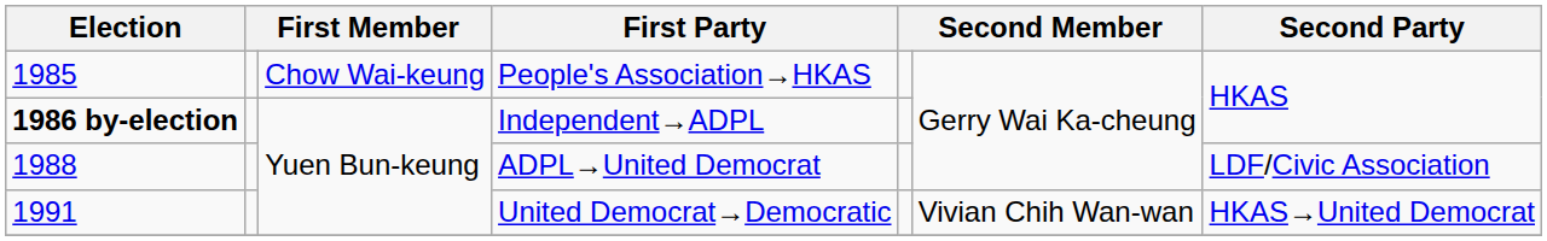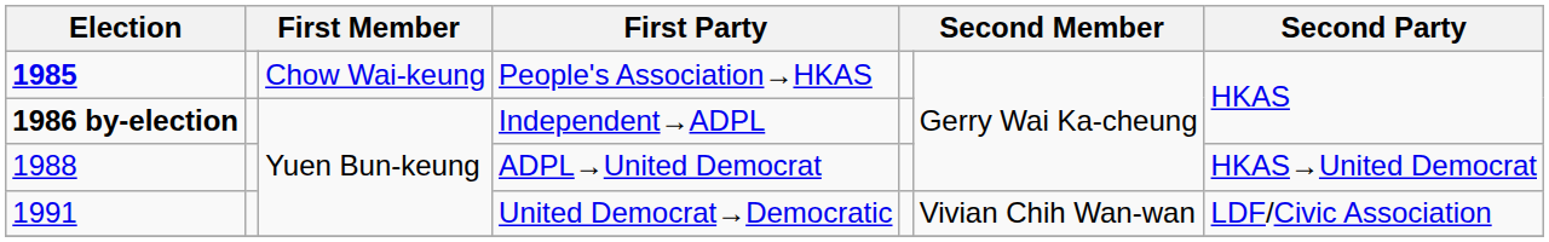 <table class="wikitable">
 <tr>
 <th>Election</th>
 <th colspan="2">First Member</th>
 <th>First Party</th>
 <th colspan="2">Second Member</th>
 <th>Second Party</th>
 </tr>
 <tr>
-<td><a href='#'>1985</a></td>
+<td><strong><a href='#'>1985</a></strong></td>
 <td style="color:inherit;background-color:"></td>
 <td><a href='#'>Chow Wai-keung</a></td>
 <td><a href='#'>People's Association</a>→<a href='#'>HKAS</a></td>
 <td style="color:inherit;background-color:"></td>
 <td rowspan=3>Gerry Wai Ka-cheung</td>
 <td rowspan=2><a href='#'>HKAS</a></td>
 </tr>
 <tr>
 <td><strong>1986 by-election</strong></td>
 <td style="color:inherit;background-color:"></td>
 <td rowspan=3>Yuen Bun-keung</td>
 <td><a href='#'>Independent</a>→<a href='#'>ADPL</a></td>
 <td style="color:inherit;background-color:"></td>
 </tr>
 <tr>
 <td><a href='#'>1988</a></td>
 <td style="color:inherit;background-color:"></td>
 <td><a href='#'>ADPL</a>→<a href='#'>United Democrat</a></td>
 <td style="color:inherit;background-color:"></td>
-<td><a href='#'>LDF</a>/<a href='#'>Civic Association</a></td>
+<td><a href='#'>HKAS</a>→<a href='#'>United Democrat</a></td>
 </tr>
 <tr>
 <td><a href='#'>1991</a></td>
 <td style="color:inherit;background-color:"></td>
 <td><a href='#'>United Democrat</a>→<a href='#'>Democratic</a></td>
 <td style="color:inherit;background-color:"></td>
 <td>Vivian Chih Wan-wan</td>
-<td><a href='#'>HKAS</a>→<a href='#'>United Democrat</a></td>
+<td><a href='#'>LDF</a>/<a href='#'>Civic Association</a></td>
 </tr>
 <tr>
 </tr>
 </table>
